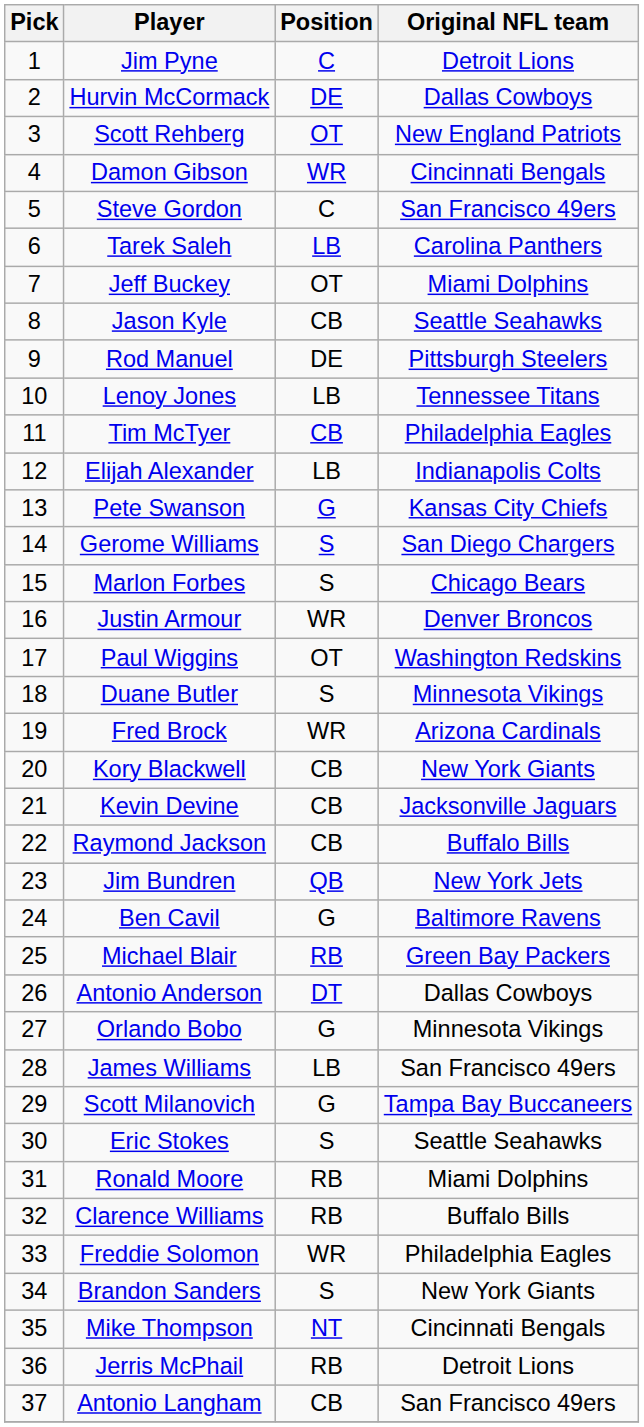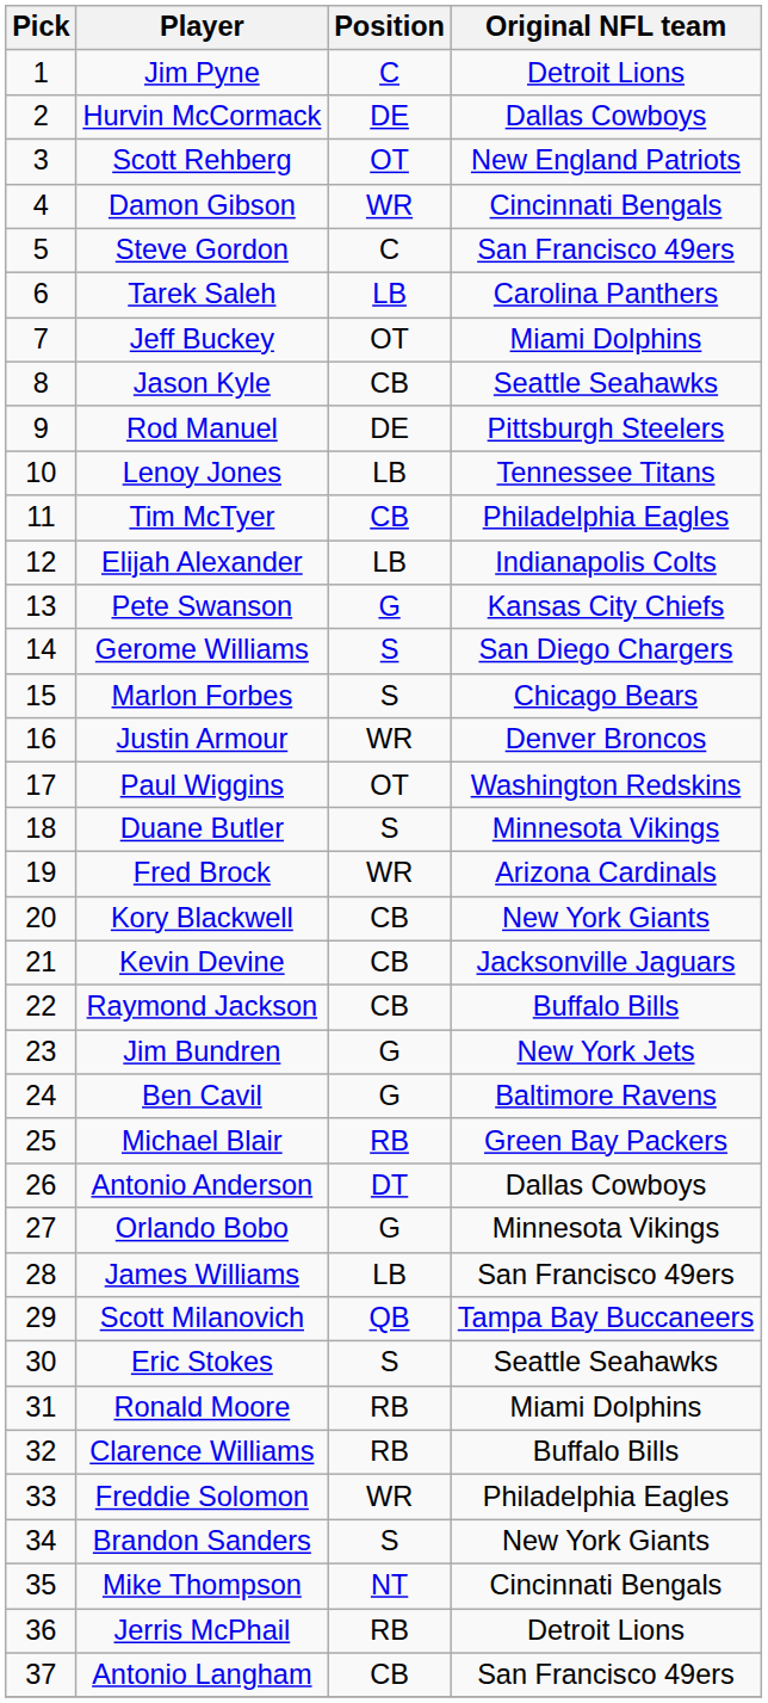 <table class="wikitable sortable" style="text-align:center">
 <tr>
 <th>Pick</th>
 <th>Player</th>
 <th>Position</th>
 <th>Original NFL team</th>
 </tr>
 <tr>
 <td align=center>1</td>
 <td><a href='#'>Jim Pyne</a></td>
 <td><a href='#'>C</a></td>
 <td><a href='#'>Detroit Lions</a></td>
 </tr>
 <tr>
 <td align=center>2</td>
 <td><a href='#'>Hurvin McCormack</a></td>
 <td><a href='#'>DE</a></td>
 <td><a href='#'>Dallas Cowboys</a></td>
 </tr>
 <tr>
 <td align=center>3</td>
 <td><a href='#'>Scott Rehberg</a></td>
 <td><a href='#'>OT</a></td>
 <td><a href='#'>New England Patriots</a></td>
 </tr>
 <tr>
 <td align=center>4</td>
 <td><a href='#'>Damon Gibson</a></td>
 <td><a href='#'>WR</a></td>
 <td><a href='#'>Cincinnati Bengals</a></td>
 </tr>
 <tr>
 <td align=center>5</td>
 <td><a href='#'>Steve Gordon</a></td>
 <td>C</td>
 <td><a href='#'>San Francisco 49ers</a></td>
 </tr>
 <tr>
 <td align=center>6</td>
 <td><a href='#'>Tarek Saleh</a></td>
 <td><a href='#'>LB</a></td>
 <td><a href='#'>Carolina Panthers</a></td>
 </tr>
 <tr>
 <td align=center>7</td>
 <td><a href='#'>Jeff Buckey</a></td>
 <td>OT</td>
 <td><a href='#'>Miami Dolphins</a></td>
 </tr>
 <tr>
 <td align=center>8</td>
 <td><a href='#'>Jason Kyle</a></td>
 <td>CB</td>
 <td><a href='#'>Seattle Seahawks</a></td>
 </tr>
 <tr>
 <td align=center>9</td>
 <td><a href='#'>Rod Manuel</a></td>
 <td>DE</td>
 <td><a href='#'>Pittsburgh Steelers</a></td>
 </tr>
 <tr>
 <td align=center>10</td>
 <td><a href='#'>Lenoy Jones</a></td>
 <td>LB</td>
 <td><a href='#'>Tennessee Titans</a></td>
 </tr>
 <tr>
 <td align=center>11</td>
 <td><a href='#'>Tim McTyer</a></td>
 <td><a href='#'>CB</a></td>
 <td><a href='#'>Philadelphia Eagles</a></td>
 </tr>
 <tr>
 <td align=center>12</td>
 <td><a href='#'>Elijah Alexander</a></td>
 <td>LB</td>
 <td><a href='#'>Indianapolis Colts</a></td>
 </tr>
 <tr>
 <td align=center>13</td>
 <td><a href='#'>Pete Swanson</a></td>
 <td><a href='#'>G</a></td>
 <td><a href='#'>Kansas City Chiefs</a></td>
 </tr>
 <tr>
 <td align=center>14</td>
 <td><a href='#'>Gerome Williams</a></td>
 <td><a href='#'>S</a></td>
 <td><a href='#'>San Diego Chargers</a></td>
 </tr>
 <tr>
 <td align=center>15</td>
 <td><a href='#'>Marlon Forbes</a></td>
 <td>S</td>
 <td><a href='#'>Chicago Bears</a></td>
 </tr>
 <tr>
 <td align=center>16</td>
 <td><a href='#'>Justin Armour</a></td>
 <td>WR</td>
 <td><a href='#'>Denver Broncos</a></td>
 </tr>
 <tr>
 <td align=center>17</td>
 <td><a href='#'>Paul Wiggins</a></td>
 <td>OT</td>
 <td><a href='#'>Washington Redskins</a></td>
 </tr>
 <tr>
 <td align=center>18</td>
 <td><a href='#'>Duane Butler</a></td>
 <td>S</td>
 <td><a href='#'>Minnesota Vikings</a></td>
 </tr>
 <tr>
 <td align=center>19</td>
 <td><a href='#'>Fred Brock</a></td>
 <td>WR</td>
 <td><a href='#'>Arizona Cardinals</a></td>
 </tr>
 <tr>
 <td align=center>20</td>
 <td><a href='#'>Kory Blackwell</a></td>
 <td>CB</td>
 <td><a href='#'>New York Giants</a></td>
 </tr>
 <tr>
 <td align=center>21</td>
 <td><a href='#'>Kevin Devine</a></td>
 <td>CB</td>
 <td><a href='#'>Jacksonville Jaguars</a></td>
 </tr>
 <tr>
 <td align=center>22</td>
 <td><a href='#'>Raymond Jackson</a></td>
 <td>CB</td>
 <td><a href='#'>Buffalo Bills</a></td>
 </tr>
 <tr>
 <td align=center>23</td>
 <td><a href='#'>Jim Bundren</a></td>
-<td><a href='#'>QB</a></td>
+<td>G</td>
 <td><a href='#'>New York Jets</a></td>
 </tr>
 <tr>
 <td align=center>24</td>
 <td><a href='#'>Ben Cavil</a></td>
 <td>G</td>
 <td><a href='#'>Baltimore Ravens</a></td>
 </tr>
 <tr>
 <td align=center>25</td>
 <td><a href='#'>Michael Blair</a></td>
 <td><a href='#'>RB</a></td>
 <td><a href='#'>Green Bay Packers</a></td>
 </tr>
 <tr>
 <td align=center>26</td>
 <td><a href='#'>Antonio Anderson</a></td>
 <td><a href='#'>DT</a></td>
 <td>Dallas Cowboys</td>
 </tr>
 <tr>
 <td align=center>27</td>
 <td><a href='#'>Orlando Bobo</a></td>
 <td>G</td>
 <td>Minnesota Vikings</td>
 </tr>
 <tr>
 <td align=center>28</td>
 <td><a href='#'>James Williams</a></td>
 <td>LB</td>
 <td>San Francisco 49ers</td>
 </tr>
 <tr>
 <td align=center>29</td>
 <td><a href='#'>Scott Milanovich</a></td>
-<td>G</td>
+<td><a href='#'>QB</a></td>
 <td><a href='#'>Tampa Bay Buccaneers</a></td>
 </tr>
 <tr>
 <td align=center>30</td>
 <td><a href='#'>Eric Stokes</a></td>
 <td>S</td>
 <td>Seattle Seahawks</td>
 </tr>
 <tr>
 <td align=center>31</td>
 <td><a href='#'>Ronald Moore</a></td>
 <td>RB</td>
 <td>Miami Dolphins</td>
 </tr>
 <tr>
 <td align=center>32</td>
 <td><a href='#'>Clarence Williams</a></td>
 <td>RB</td>
 <td>Buffalo Bills</td>
 </tr>
 <tr>
 <td align=center>33</td>
 <td><a href='#'>Freddie Solomon</a></td>
 <td>WR</td>
 <td>Philadelphia Eagles</td>
 </tr>
 <tr>
 <td align=center>34</td>
 <td><a href='#'>Brandon Sanders</a></td>
 <td>S</td>
 <td>New York Giants</td>
 </tr>
 <tr>
 <td align=center>35</td>
 <td><a href='#'>Mike Thompson</a></td>
 <td><a href='#'>NT</a></td>
 <td>Cincinnati Bengals</td>
 </tr>
 <tr>
 <td align=center>36</td>
 <td><a href='#'>Jerris McPhail</a></td>
 <td>RB</td>
 <td>Detroit Lions</td>
 </tr>
 <tr>
 <td align=center>37</td>
 <td><a href='#'>Antonio Langham</a></td>
 <td>CB</td>
 <td>San Francisco 49ers</td>
 </tr>
 <tr>
 </tr>
 </table>
